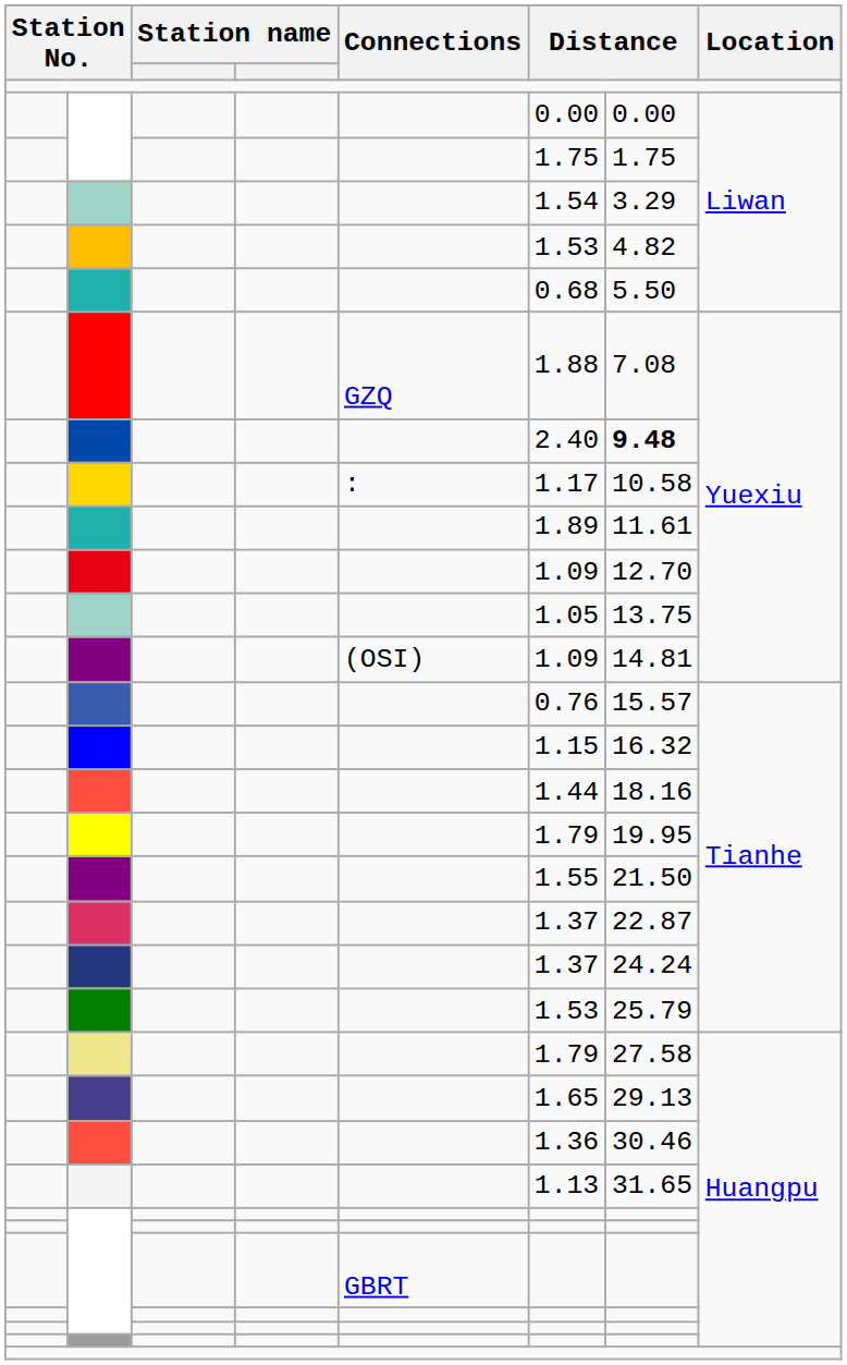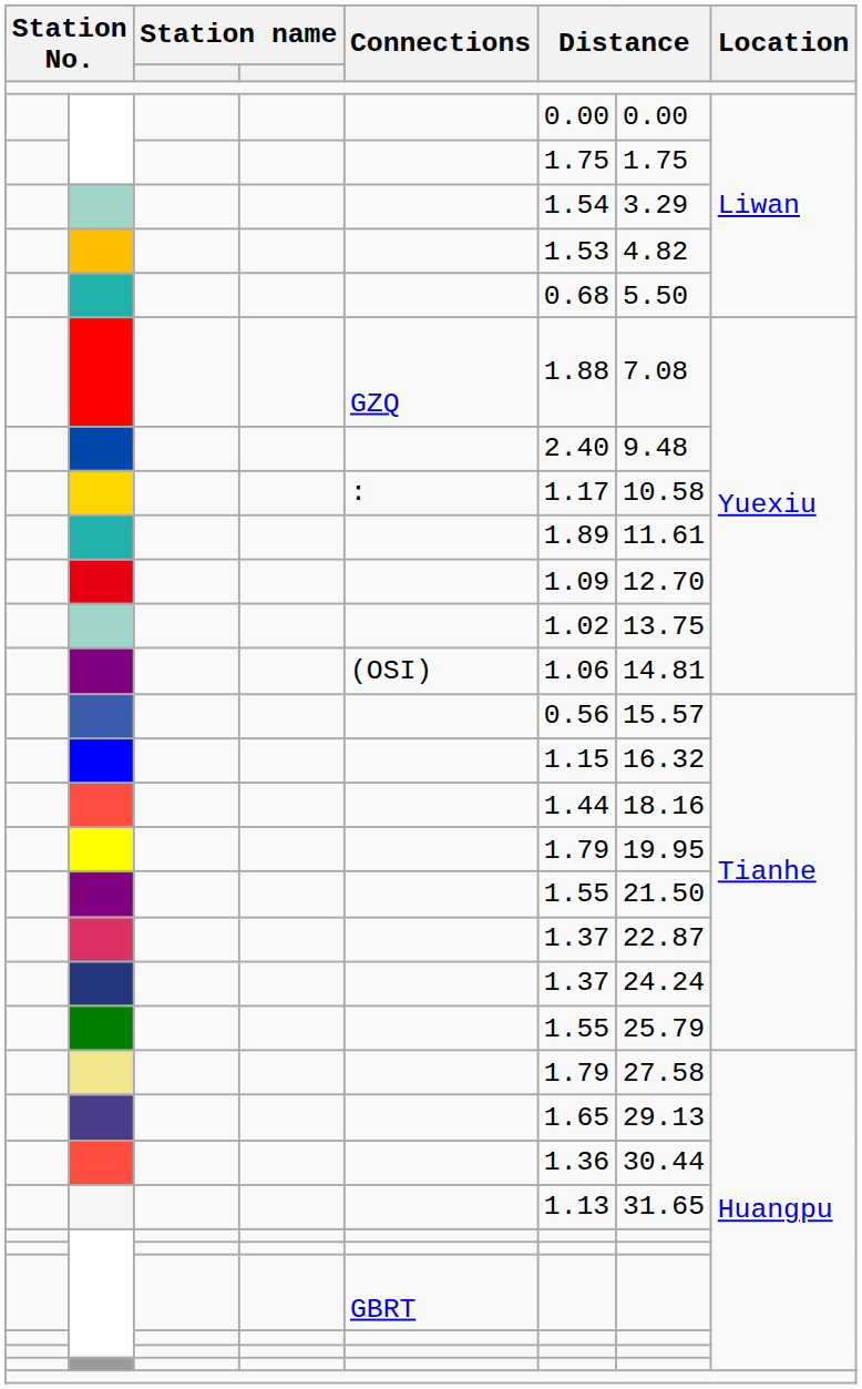 <table class="wikitable">
 <tr>
 <th rowspan="2" colspan="2">Station<br>No.</th>
 <th colspan="2">Station name</th>
 <th rowspan="2">Connections</th>
 <th colspan="2" rowspan="2">Distance<br></th>
 <th rowspan="2">Location</th>
 </tr>
 <tr>
 <th></th>
 <th></th>
 </tr>
 <tr style="background:#">
 <td colspan="8"></td>
 </tr>
 <tr>
 <td></td>
 <td rowspan="2" style="background:#FFFFFF"></td>
 <td></td>
 <td></td>
 <td></td>
 <td>0.00</td>
 <td>0.00</td>
 <td rowspan=5><a href='#'>Liwan</a></td>
 </tr>
 <tr>
 <td></td>
 <td></td>
 <td></td>
 <td> </td>
 <td>1.75</td>
 <td>1.75</td>
 </tr>
 <tr>
 <td></td>
 <td style="background:#9FD4C9"></td>
 <td></td>
 <td></td>
 <td> </td>
 <td>1.54</td>
 <td>3.29</td>
 </tr>
 <tr>
 <td></td>
 <td style="background:#FFBF00"></td>
 <td></td>
 <td></td>
 <td></td>
 <td>1.53</td>
 <td>4.82</td>
 </tr>
 <tr>
 <td></td>
 <td style="background:#20B2AA"></td>
 <td></td>
 <td></td>
 <td> </td>
 <td>0.68</td>
 <td>5.50</td>
 </tr>
 <tr>
 <td></td>
 <td style="background:#FF0000"></td>
 <td></td>
 <td></td>
 <td> <br>   <br>  <a href='#'>GZQ</a></td>
 <td>1.88</td>
 <td>7.08</td>
 <td rowspan=7><a href='#'>Yuexiu</a></td>
 </tr>
 <tr>
 <td></td>
 <td style="background:#0047AB"></td>
 <td></td>
 <td></td>
 <td></td>
 <td>2.40</td>
-<td><strong>9.48</strong></td>
+<td>9.48</td>
 </tr>
 <tr>
 <td></td>
 <td style="background:#FFD700"></td>
 <td></td>
 <td></td>
 <td>:   </td>
 <td>1.17</td>
 <td>10.58</td>
 </tr>
 <tr>
 <td></td>
 <td style="background:#20B2AA"></td>
 <td></td>
 <td></td>
 <td> </td>
 <td>1.89</td>
 <td>11.61</td>
 </tr>
 <tr>
 <td></td>
 <td style="background:#E60012"></td>
 <td></td>
 <td></td>
 <td></td>
 <td>1.09</td>
 <td>12.70</td>
 </tr>
 <tr>
 <td></td>
 <td style="background:#9FD4C9"></td>
 <td></td>
 <td></td>
 <td> </td>
-<td>1.05</td>
+<td>1.02</td>
 <td>13.75</td>
 </tr>
 <tr>
 <td></td>
 <td style="background:#800080"></td>
 <td></td>
 <td></td>
 <td>  (OSI)</td>
-<td>1.09</td>
+<td>1.06</td>
 <td>14.81</td>
 </tr>
 <tr>
 <td></td>
 <td style="background:#3A5CAC"></td>
 <td></td>
 <td></td>
 <td> </td>
-<td>0.76</td>
+<td>0.56</td>
 <td>15.57</td>
 <td rowspan=8><a href='#'>Tianhe</a></td>
 </tr>
 <tr>
 <td></td>
 <td style="background:#0000FF"></td>
 <td></td>
 <td></td>
 <td></td>
 <td>1.15</td>
 <td>16.32</td>
 </tr>
 <tr>
 <td></td>
 <td style="background:#FF4D40"></td>
 <td></td>
 <td></td>
 <td></td>
 <td>1.44</td>
 <td>18.16</td>
 </tr>
 <tr>
 <td></td>
 <td style="background:#FFFF00"></td>
 <td></td>
 <td></td>
 <td> </td>
 <td>1.79</td>
 <td>19.95</td>
 </tr>
 <tr>
 <td></td>
 <td style="background:#800080"></td>
 <td></td>
 <td></td>
 <td></td>
 <td>1.55</td>
 <td>21.50</td>
 </tr>
 <tr>
 <td></td>
 <td style="background:#DE3163"></td>
 <td></td>
 <td></td>
 <td> </td>
 <td>1.37</td>
 <td>22.87</td>
 </tr>
 <tr>
 <td></td>
 <td style="background:#24367D"></td>
 <td></td>
 <td></td>
 <td></td>
 <td>1.37</td>
 <td>24.24</td>
 </tr>
 <tr>
 <td></td>
 <td style="background:#008000"></td>
 <td></td>
 <td></td>
 <td></td>
-<td>1.53</td>
+<td>1.55</td>
 <td>25.79</td>
 </tr>
 <tr>
 <td></td>
 <td style="background:#F0E68C"></td>
 <td></td>
 <td></td>
 <td> <br></td>
 <td>1.79</td>
 <td>27.58</td>
 <td rowspan=10><a href='#'>Huangpu</a></td>
 </tr>
 <tr>
 <td></td>
 <td style="background:#483D8B"></td>
 <td></td>
 <td></td>
 <td></td>
 <td>1.65</td>
 <td>29.13</td>
 </tr>
 <tr>
 <td></td>
 <td style="background:#FF4D40"></td>
 <td></td>
 <td></td>
 <td> </td>
 <td>1.36</td>
-<td>30.46</td>
+<td>30.44</td>
 </tr>
 <tr>
 <td></td>
 <td style="background:#F5F5F5"></td>
 <td></td>
 <td></td>
 <td></td>
 <td>1.13</td>
 <td>31.65</td>
 </tr>
 <tr>
 <td></td>
 <td rowspan="5" style="background:#FFFFFF"></td>
 <td></td>
 <td></td>
 <td></td>
 <td></td>
 <td></td>
 </tr>
 <tr>
 <td></td>
 <td></td>
 <td></td>
 <td></td>
 <td></td>
 <td></td>
 </tr>
 <tr>
 <td></td>
 <td></td>
 <td></td>
 <td> <br> <a href='#'>GBRT</a></td>
 <td></td>
 <td></td>
 </tr>
 <tr>
 <td></td>
 <td></td>
 <td></td>
 <td></td>
 <td></td>
 <td></td>
 </tr>
 <tr>
 <td></td>
 <td></td>
 <td></td>
 <td></td>
 <td></td>
 <td></td>
 </tr>
 <tr>
 <td></td>
 <td style="background:#9b9b9b"></td>
 <td></td>
 <td></td>
 <td></td>
 <td></td>
 <td></td>
 </tr>
 <tr style="background:#">
 <td colspan = "8"></td>
 </tr>
 </table>
